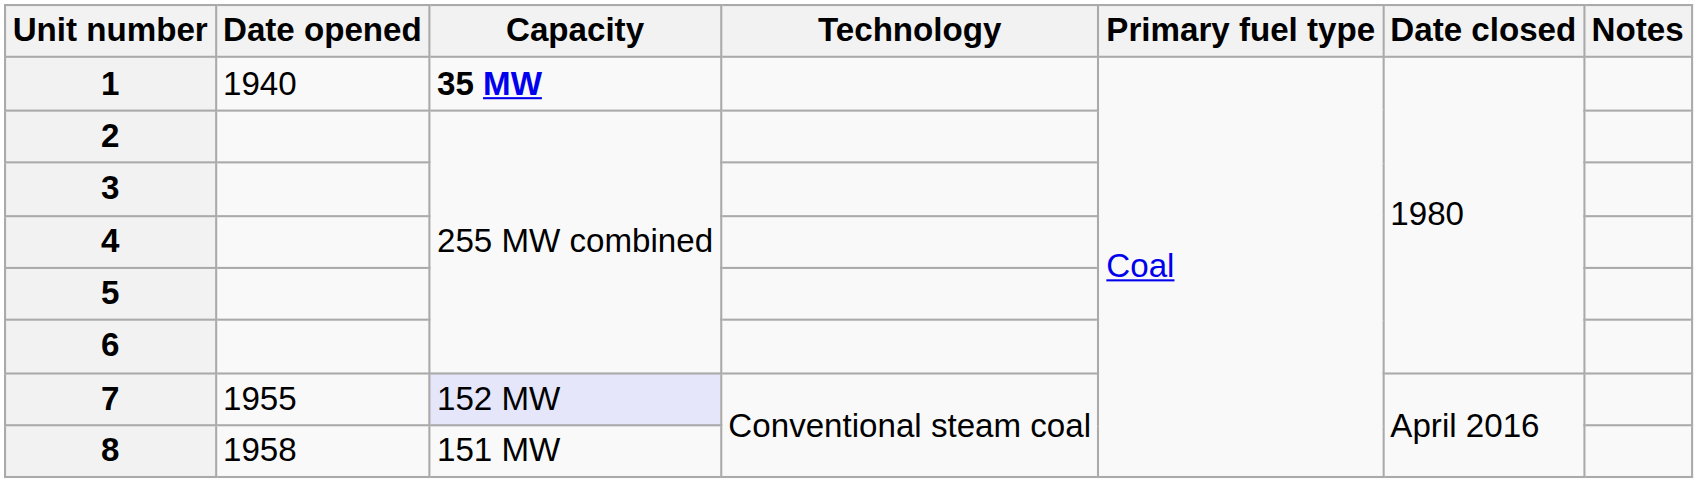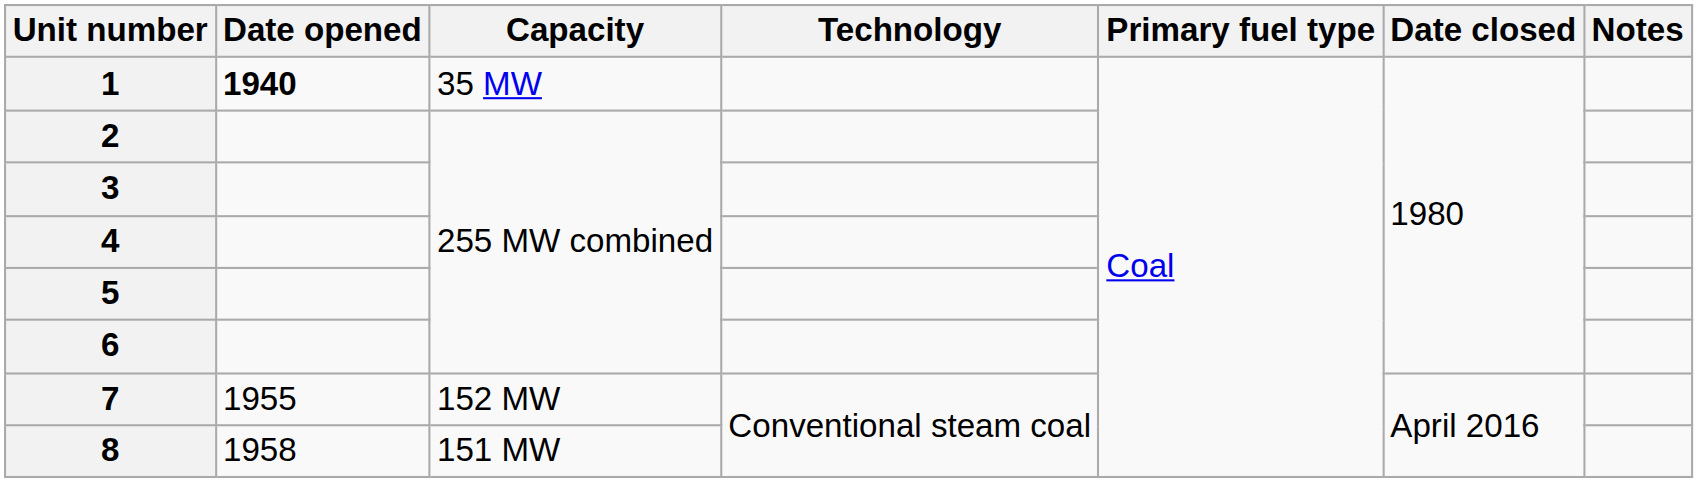 <table class="wikitable">
 <tr>
 <th>Unit number</th>
 <th>Date opened</th>
 <th>Capacity</th>
 <th>Technology</th>
 <th>Primary fuel type</th>
 <th>Date closed</th>
 <th>Notes</th>
 </tr>
 <tr>
 <th>1</th>
-<td>1940</td>
-<td><strong>35 <a href='#'>MW</a></strong></td>
+<td><strong>1940</strong></td>
+<td>35 <a href='#'>MW</a></td>
 <td></td>
 <td rowspan="8"><a href='#'>Coal</a></td>
 <td rowspan="6">1980</td>
 <td></td>
 </tr>
 <tr>
 <th>2</th>
 <td></td>
 <td rowspan="5">255 MW combined</td>
 <td></td>
 <td></td>
 </tr>
 <tr>
 <th>3</th>
 <td></td>
 <td></td>
 <td></td>
 </tr>
 <tr>
 <th>4</th>
 <td></td>
 <td></td>
 <td></td>
 </tr>
 <tr>
 <th>5</th>
 <td></td>
 <td></td>
 <td></td>
 </tr>
 <tr>
 <th>6</th>
 <td></td>
 <td></td>
 <td></td>
 </tr>
 <tr>
 <th>7</th>
 <td>1955</td>
-<td style="background: lavender;">152 MW</td>
+<td>152 MW</td>
 <td rowspan="2">Conventional steam coal</td>
 <td rowspan="2">April 2016</td>
 <td></td>
 </tr>
 <tr>
 <th>8</th>
 <td>1958</td>
 <td>151 MW</td>
 <td></td>
 </tr>
 </table>
